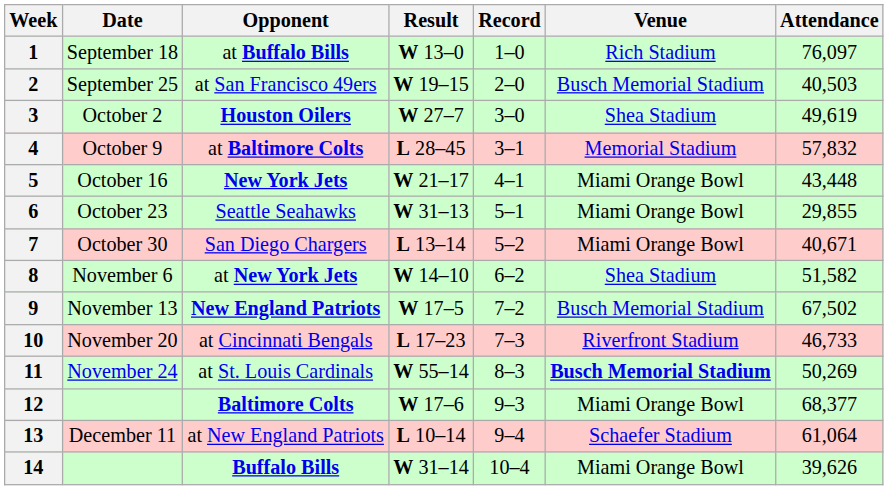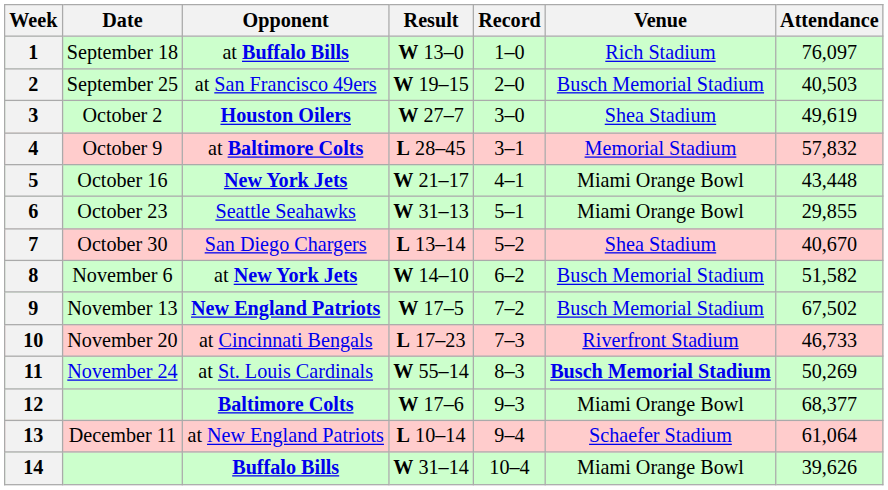 <table class="wikitable" style="text-align:center">
 <tr>
 <th>Week</th>
 <th>Date</th>
 <th>Opponent</th>
 <th>Result</th>
 <th>Record</th>
 <th>Venue</th>
 <th>Attendance</th>
 </tr>
 <tr style="background:#cfc">
 <th>1</th>
 <td>September 18</td>
 <td>at <strong><a href='#'>Buffalo Bills</a></strong></td>
 <td><strong>W</strong> 13–0</td>
 <td>1–0</td>
 <td><a href='#'>Rich Stadium</a></td>
 <td>76,097</td>
 </tr>
 <tr style="background:#cfc">
 <th>2</th>
 <td>September 25</td>
 <td>at <a href='#'>San Francisco 49ers</a></td>
 <td><strong>W</strong> 19–15</td>
 <td>2–0</td>
 <td><a href='#'>Busch Memorial Stadium</a></td>
 <td>40,503</td>
 </tr>
 <tr style="background:#cfc">
 <th>3</th>
 <td>October 2</td>
 <td><strong><a href='#'>Houston Oilers</a></strong></td>
 <td><strong>W</strong> 27–7</td>
 <td>3–0</td>
 <td><a href='#'>Shea Stadium</a></td>
 <td>49,619</td>
 </tr>
 <tr style="background:#fcc">
 <th>4</th>
 <td>October 9</td>
 <td>at <strong><a href='#'>Baltimore Colts</a></strong></td>
 <td><strong>L</strong> 28–45</td>
 <td>3–1</td>
 <td><a href='#'>Memorial Stadium</a></td>
 <td>57,832</td>
 </tr>
 <tr style="background:#cfc">
 <th>5</th>
 <td>October 16</td>
 <td><strong><a href='#'>New York Jets</a></strong></td>
 <td><strong>W</strong> 21–17</td>
 <td>4–1</td>
 <td>Miami Orange Bowl</td>
 <td>43,448</td>
 </tr>
 <tr style="background:#cfc">
 <th>6</th>
 <td>October 23</td>
 <td><a href='#'>Seattle Seahawks</a></td>
 <td><strong>W</strong> 31–13</td>
 <td>5–1</td>
 <td>Miami Orange Bowl</td>
 <td>29,855</td>
 </tr>
 <tr style="background:#fcc">
 <th>7</th>
 <td>October 30</td>
 <td><a href='#'>San Diego Chargers</a></td>
 <td><strong>L</strong> 13–14</td>
 <td>5–2</td>
-<td>Miami Orange Bowl</td>
-<td>40,671</td>
+<td><a href='#'>Shea Stadium</a></td>
+<td>40,670</td>
 </tr>
 <tr style="background:#cfc">
 <th>8</th>
 <td>November 6</td>
 <td>at <strong><a href='#'>New York Jets</a></strong></td>
 <td><strong>W</strong> 14–10</td>
 <td>6–2</td>
-<td><a href='#'>Shea Stadium</a></td>
+<td><a href='#'>Busch Memorial Stadium</a></td>
 <td>51,582</td>
 </tr>
 <tr style="background:#cfc">
 <th>9</th>
 <td>November 13</td>
 <td><strong><a href='#'>New England Patriots</a></strong></td>
 <td><strong>W</strong> 17–5</td>
 <td>7–2</td>
 <td><a href='#'>Busch Memorial Stadium</a></td>
 <td>67,502</td>
 </tr>
 <tr style="background:#fcc">
 <th>10</th>
 <td>November 20</td>
 <td>at <a href='#'>Cincinnati Bengals</a></td>
 <td><strong>L</strong> 17–23</td>
 <td>7–3</td>
 <td><a href='#'>Riverfront Stadium</a></td>
 <td>46,733</td>
 </tr>
 <tr style="background:#cfc">
 <th>11</th>
 <td><a href='#'>November 24</a></td>
 <td>at <a href='#'>St. Louis Cardinals</a></td>
 <td><strong>W</strong> 55–14</td>
 <td>8–3</td>
 <td><strong><a href='#'>Busch Memorial Stadium</a></strong></td>
 <td>50,269</td>
 </tr>
 <tr style="background:#cfc">
 <th>12</th>
 <td></td>
 <td><strong><a href='#'>Baltimore Colts</a></strong></td>
 <td><strong>W</strong> 17–6</td>
 <td>9–3</td>
 <td>Miami Orange Bowl</td>
 <td>68,377</td>
 </tr>
 <tr style="background:#fcc">
 <th>13</th>
 <td>December 11</td>
 <td>at <a href='#'>New England Patriots</a></td>
 <td><strong>L</strong> 10–14</td>
 <td>9–4</td>
 <td><a href='#'>Schaefer Stadium</a></td>
 <td>61,064</td>
 </tr>
 <tr style="background:#cfc">
 <th>14</th>
 <td></td>
 <td><strong><a href='#'>Buffalo Bills</a></strong></td>
 <td><strong>W</strong> 31–14</td>
 <td>10–4</td>
 <td>Miami Orange Bowl</td>
 <td>39,626</td>
 </tr>
 </table>
